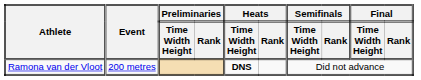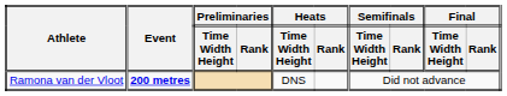 <table class=wikitable style="font-size:90%; border: double;">
 <tr>
 <th rowspan="2" style="border-right:double">Athlete</th>
 <th rowspan="2" style="border-right:double">Event</th>
 <th colspan="2" style="border-right:double; border-bottom:double;">Preliminaries</th>
 <th colspan="2" style="border-right:double; border-bottom:double;">Heats</th>
 <th colspan="2" style="border-right:double; border-bottom:double;">Semifinals</th>
 <th colspan="2" style="border-right:double; border-bottom:double;">Final</th>
 </tr>
 <tr>
 <th>Time<br>Width<br>Height</th>
 <th style="border-right:double">Rank</th>
 <th>Time<br>Width<br>Height</th>
 <th style="border-right:double">Rank</th>
 <th>Time<br>Width<br>Height</th>
 <th style="border-right:double">Rank</th>
 <th>Time<br>Width<br>Height</th>
 <th style="border-right:double">Rank</th>
 </tr>
 <tr style="border-top: double;">
 <td style="border-right:double"><a href='#'>Ramona van der Vloot</a></td>
-<td style="border-right:double"><a href='#'>200 metres</a></td>
+<td style="border-right:double"><strong><a href='#'>200 metres</a></strong></td>
 <td style="border-right:double" colspan= 2 bgcolor="wheat"></td>
-<td align=center><strong>DNS</strong></td>
+<td align=center>DNS</td>
 <td align=center style="border-right:double"></td>
 <td colspan="4" align=center>Did not advance</td>
 </tr>
 </table>
